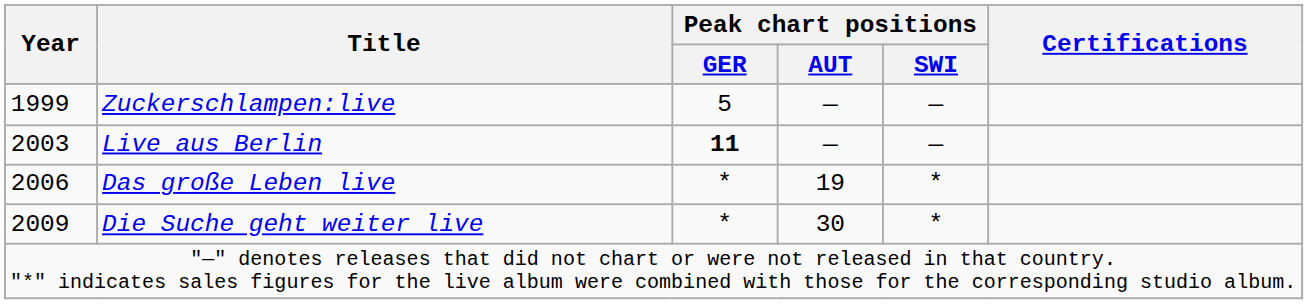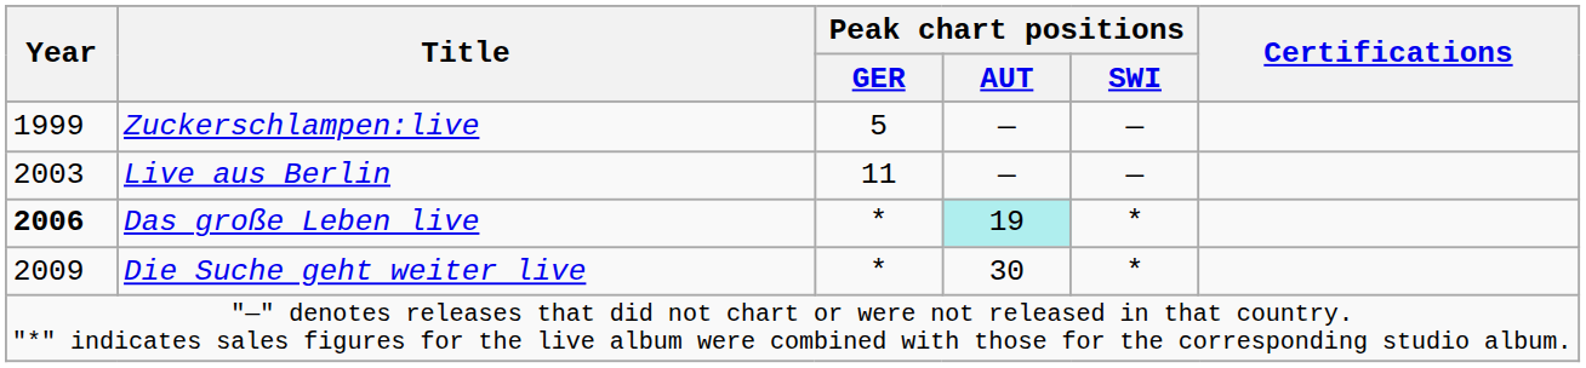 <table class="wikitable">
 <tr>
 <th rowspan="2">Year</th>
 <th width="300" rowspan="2">Title</th>
 <th colspan="3">Peak chart positions</th>
 <th width="160" rowspan="2"><a href='#'>Certifications</a></th>
 </tr>
 <tr>
 <th width="50"><a href='#'>GER</a></th>
 <th width="50"><a href='#'>AUT</a></th>
 <th width="50"><a href='#'>SWI</a></th>
 </tr>
 <tr>
 <td>1999</td>
 <td><em><a href='#'>Zuckerschlampen:live</a></em></td>
 <td align="center">5</td>
 <td align="center">—</td>
 <td align="center">—</td>
 <td></td>
 </tr>
 <tr>
 <td>2003</td>
 <td><em><a href='#'>Live aus Berlin</a></em></td>
-<td align="center"><strong>11</strong></td>
+<td align="center">11</td>
 <td align="center">—</td>
 <td align="center">—</td>
 <td></td>
 </tr>
 <tr>
-<td>2006</td>
+<td><strong>2006</strong></td>
 <td><em><a href='#'>Das große Leben live</a></em></td>
 <td align="center">*</td>
-<td align="center">19</td>
+<td align="center" style="background: paleturquoise;">19</td>
 <td align="center">*</td>
 <td></td>
 </tr>
 <tr>
 <td>2009</td>
 <td><em><a href='#'>Die Suche geht weiter live</a></em></td>
 <td align="center">*</td>
 <td align="center">30</td>
 <td align="center">*</td>
 <td></td>
 </tr>
 <tr>
 <td colspan="6" style="text-align:center; font-size:8pt;">"—" denotes releases that did not chart or were not released in that country.<br> "*" indicates sales figures for the live album were combined with those for the corresponding studio album.</td>
 </tr>
 </table>
